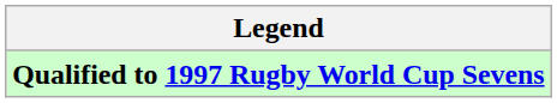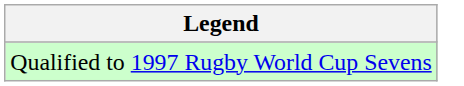 <table class="wikitable">
 <tr>
 <th>Legend</th>
 </tr>
 <tr bgcolor=ccffcc>
-<td><strong>Qualified to <a href='#'>1997 Rugby World Cup Sevens</a></strong></td>
+<td>Qualified to <a href='#'>1997 Rugby World Cup Sevens</a></td>
 </tr>
 </table>
